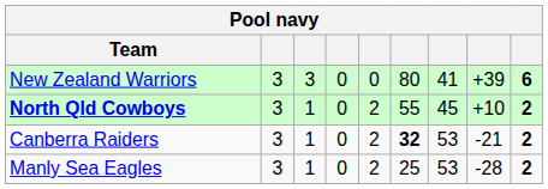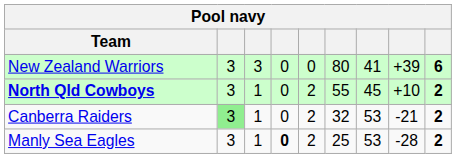 <table class="wikitable" style="text-align:center">
 <tr>
 <th colspan="9"><strong>Pool navy</strong></th>
 </tr>
 <tr>
 <th style="width:210px;">Team</th>
 <th width="20"></th>
 <th width="20"></th>
 <th width="20"></th>
 <th width="20"></th>
 <th width="25"></th>
 <th width="25"></th>
 <th width="30"></th>
 <th width="20"></th>
 </tr>
 <tr style="background:#cfc;">
 <td align=left> <a href='#'>New Zealand Warriors</a></td>
 <td>3</td>
 <td>3</td>
 <td>0</td>
 <td>0</td>
 <td>80</td>
 <td>41</td>
 <td>+39</td>
 <td><strong>6</strong></td>
 </tr>
 <tr style="background:#cfc;">
 <td align=left> <strong><a href='#'>North Qld Cowboys</a></strong></td>
 <td>3</td>
 <td>1</td>
 <td>0</td>
 <td>2</td>
 <td>55</td>
 <td>45</td>
 <td>+10</td>
 <td><strong>2</strong></td>
 </tr>
 <tr>
 <td align=left> <a href='#'>Canberra Raiders</a></td>
-<td>3</td>
+<td style="background: lightgreen;">3</td>
 <td>1</td>
 <td>0</td>
 <td>2</td>
-<td><strong>32</strong></td>
+<td>32</td>
 <td>53</td>
 <td>-21</td>
 <td><strong>2</strong></td>
 </tr>
 <tr>
 <td align=left> <a href='#'>Manly Sea Eagles</a></td>
 <td>3</td>
 <td>1</td>
-<td>0</td>
+<td><strong>0</strong></td>
 <td>2</td>
 <td>25</td>
 <td>53</td>
 <td>-28</td>
 <td><strong>2</strong></td>
 </tr>
 </table>
